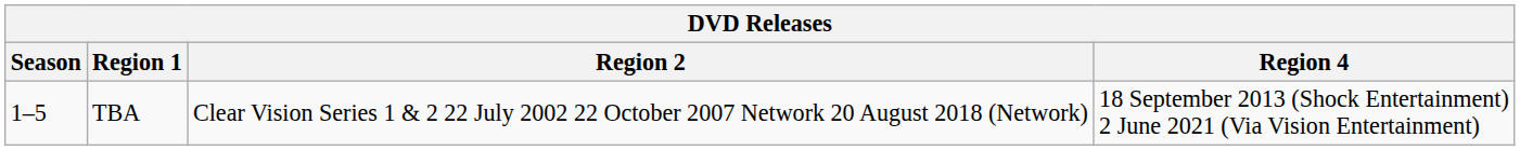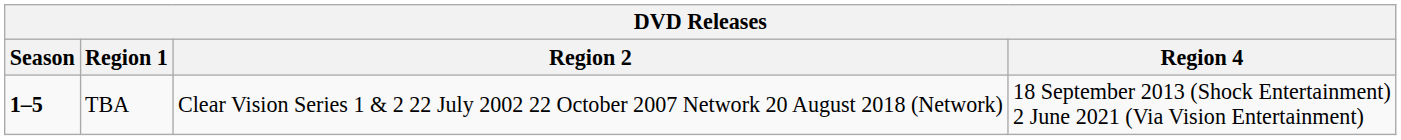 <table class="wikitable">
 <tr>
 <th colspan="4">DVD Releases</th>
 </tr>
 <tr>
 <th>Season</th>
 <th>Region 1</th>
 <th>Region 2</th>
 <th>Region 4</th>
 </tr>
 <tr>
-<td>1–5</td>
+<td><strong>1–5</strong></td>
 <td>TBA</td>
 <td>Clear Vision Series 1 & 2 22 July 2002 22 October 2007 Network 20 August 2018 (Network)</td>
 <td>18 September 2013 (Shock Entertainment)<br>2 June 2021 (Via Vision Entertainment)</td>
 </tr>
 </table>
